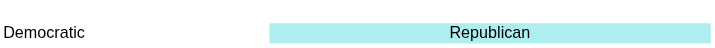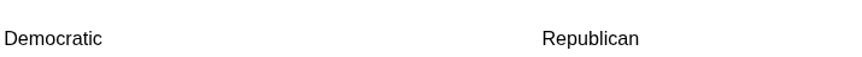 <table style="width:70%; text-align:center;">
 <tr style="color:white;">
 <td style="background:"><strong>104</strong></td>
 <td style="background:"><strong>139</strong></td>
 </tr>
 <tr>
 <td>Democratic</td>
-<td style="background: paleturquoise;">Republican</td>
+<td>Republican</td>
 </tr>
 </table>
